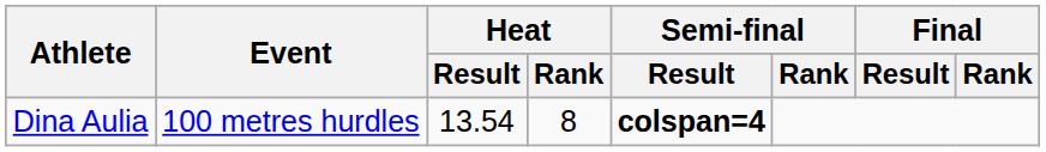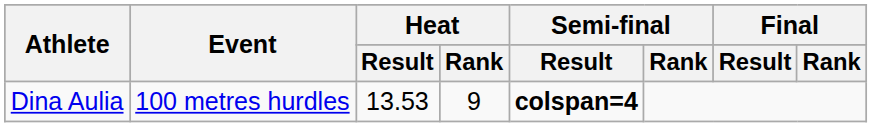 <table class="wikitable" style="font-size:90%">
 <tr>
 <th rowspan="2">Athlete</th>
 <th rowspan="2">Event</th>
 <th colspan="2">Heat</th>
 <th colspan="2">Semi-final</th>
 <th colspan="2">Final</th>
 </tr>
 <tr style="font-size:95%">
 <th>Result</th>
 <th>Rank</th>
 <th>Result</th>
 <th>Rank</th>
 <th>Result</th>
 <th>Rank</th>
 </tr>
 <tr style=text-align:center>
 <td style=text-align:left><a href='#'>Dina Aulia</a></td>
 <td style=text-align:left><a href='#'>100 metres hurdles</a></td>
-<td>13.54</td>
-<td>8</td>
+<td>13.53</td>
+<td>9</td>
 <td><strong>colspan=4 </strong></td>
 </tr>
 </table>
